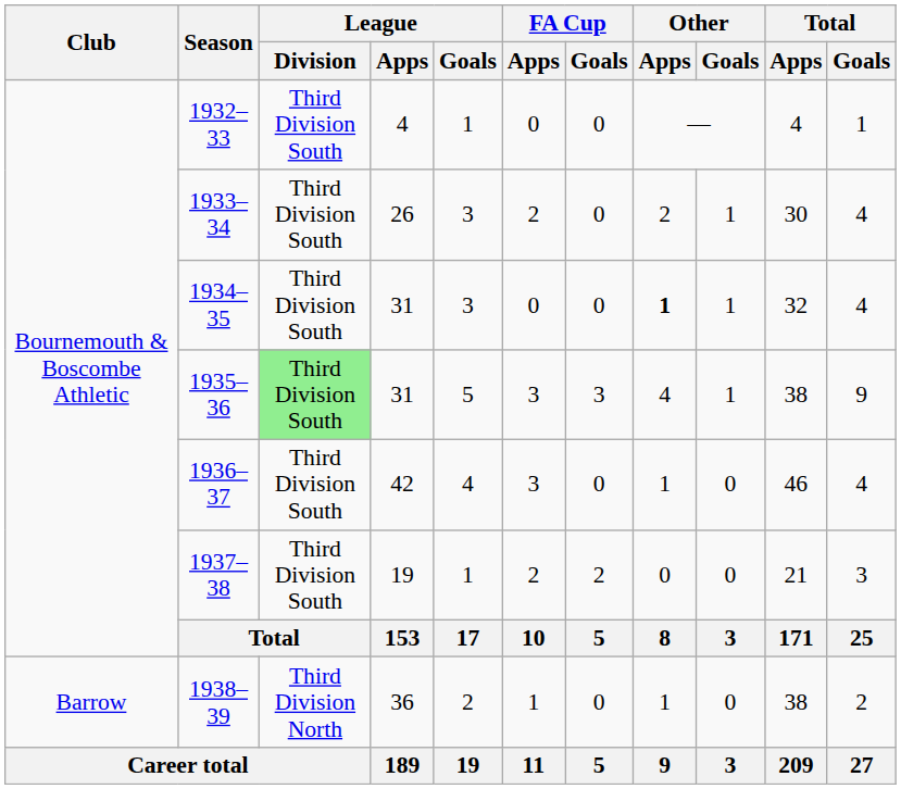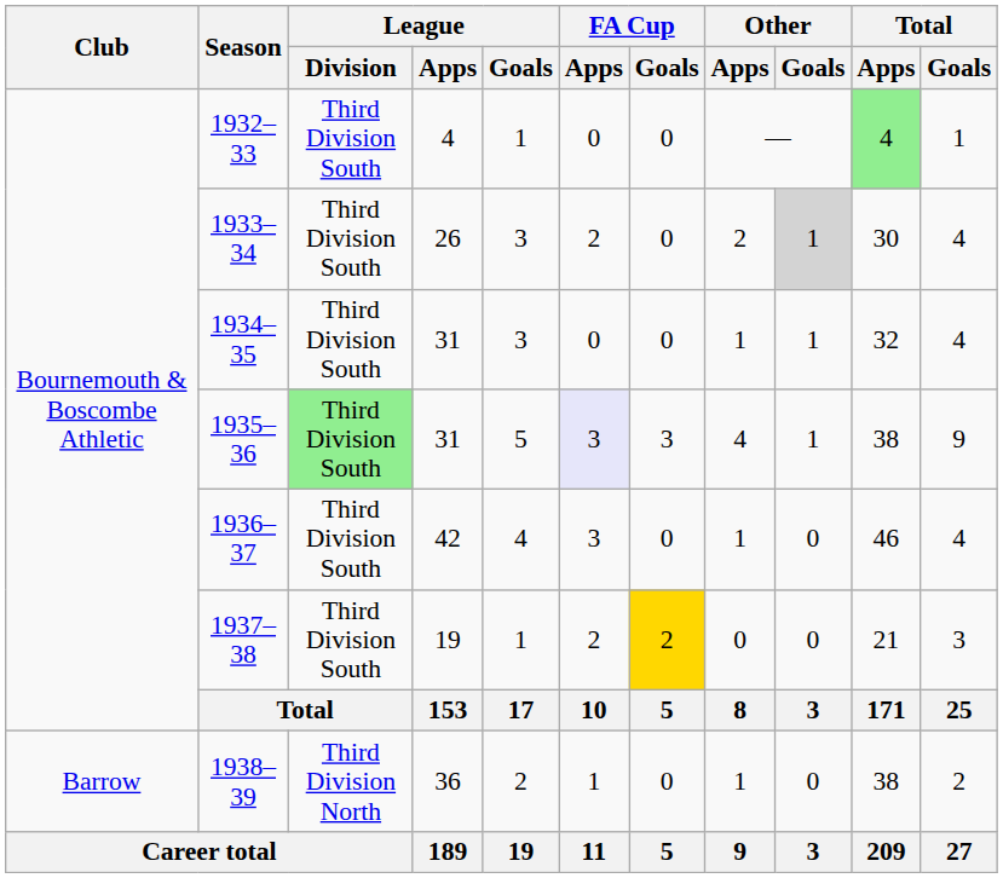 <table class="wikitable" style="text-align: center;">
 <tr>
 <th rowspan="2">Club</th>
 <th rowspan="2">Season</th>
 <th colspan="3">League</th>
 <th colspan="2"><a href='#'>FA Cup</a></th>
 <th colspan="2">Other</th>
 <th colspan="2">Total</th>
 </tr>
 <tr>
 <th>Division</th>
 <th>Apps</th>
 <th>Goals</th>
 <th>Apps</th>
 <th>Goals</th>
 <th>Apps</th>
 <th>Goals</th>
 <th>Apps</th>
 <th>Goals</th>
 </tr>
 <tr>
 <td rowspan="7"><a href='#'>Bournemouth & Boscombe Athletic</a></td>
 <td><a href='#'>1932–33</a></td>
 <td><a href='#'>Third Division South</a></td>
 <td>4</td>
 <td>1</td>
 <td>0</td>
 <td>0</td>
 <td colspan="2">—</td>
-<td>4</td>
+<td style="background: lightgreen;">4</td>
 <td>1</td>
 </tr>
 <tr>
 <td><a href='#'>1933–34</a></td>
 <td>Third Division South</td>
 <td>26</td>
 <td>3</td>
 <td>2</td>
 <td>0</td>
 <td>2</td>
-<td>1</td>
+<td style="background: lightgrey;">1</td>
 <td>30</td>
 <td>4</td>
 </tr>
 <tr>
 <td><a href='#'>1934–35</a></td>
 <td>Third Division South</td>
 <td>31</td>
 <td>3</td>
 <td>0</td>
 <td>0</td>
-<td><strong>1</strong></td>
+<td>1</td>
 <td>1</td>
 <td>32</td>
 <td>4</td>
 </tr>
 <tr>
 <td><a href='#'>1935–36</a></td>
 <td style="background: lightgreen;">Third Division South</td>
 <td>31</td>
 <td>5</td>
-<td>3</td>
+<td style="background: lavender;">3</td>
 <td>3</td>
 <td>4</td>
 <td>1</td>
 <td>38</td>
 <td>9</td>
 </tr>
 <tr>
 <td><a href='#'>1936–37</a></td>
 <td>Third Division South</td>
 <td>42</td>
 <td>4</td>
 <td>3</td>
 <td>0</td>
 <td>1</td>
 <td>0</td>
 <td>46</td>
 <td>4</td>
 </tr>
 <tr>
 <td><a href='#'>1937–38</a></td>
 <td>Third Division South</td>
 <td>19</td>
 <td>1</td>
 <td>2</td>
-<td>2</td>
+<td style="background: gold;">2</td>
 <td>0</td>
 <td>0</td>
 <td>21</td>
 <td>3</td>
 </tr>
 <tr>
 <th colspan=2>Total</th>
 <th>153</th>
 <th>17</th>
 <th>10</th>
 <th>5</th>
 <th>8</th>
 <th>3</th>
 <th>171</th>
 <th>25</th>
 </tr>
 <tr>
 <td><a href='#'>Barrow</a></td>
 <td><a href='#'>1938–39</a></td>
 <td><a href='#'>Third Division North</a></td>
 <td>36</td>
 <td>2</td>
 <td>1</td>
 <td>0</td>
 <td>1</td>
 <td>0</td>
 <td>38</td>
 <td>2</td>
 </tr>
 <tr>
 <th colspan="3">Career total</th>
 <th>189</th>
 <th>19</th>
 <th>11</th>
 <th>5</th>
 <th>9</th>
 <th>3</th>
 <th>209</th>
 <th>27</th>
 </tr>
 </table>
